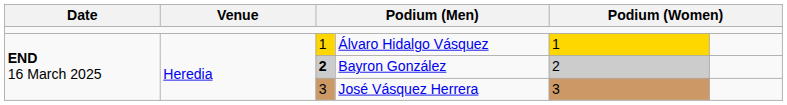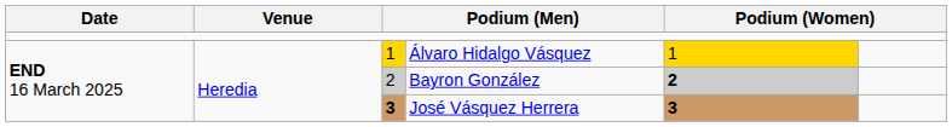 <table class="wikitable" width=70%>
 <tr>
 <th>Date</th>
 <th width=20%>Venue</th>
 <th colspan=2 width=30%>Podium (Men)</th>
 <th colspan=2 width=30%>Podium (Women)</th>
 </tr>
 <tr>
 <td colspan=6></td>
 </tr>
 <tr>
 <td rowspan=3><strong>END</strong><br>16 March 2025</td>
 <td rowspan=3><br><a href='#'>Heredia</a></td>
 <td bgcolor=FFD700>1</td>
 <td><a href='#'>Álvaro Hidalgo Vásquez</a></td>
 <td bgcolor=FFD700>1</td>
 <td></td>
 </tr>
 <tr>
+<td bgcolor=CCCCCC>2</td>
+<td><a href='#'>Bayron González</a></td>
 <td bgcolor=CCCCCC><strong>2</strong></td>
-<td><a href='#'>Bayron González</a></td>
-<td bgcolor=CCCCCC>2</td>
 <td></td>
 </tr>
 <tr>
-<td bgcolor=CC9966>3</td>
+<td bgcolor=CC9966><strong>3</strong></td>
 <td><a href='#'>José Vásquez Herrera</a></td>
-<td bgcolor=CC9966>3</td>
+<td bgcolor=CC9966><strong>3</strong></td>
 <td></td>
 </tr>
 </table>
